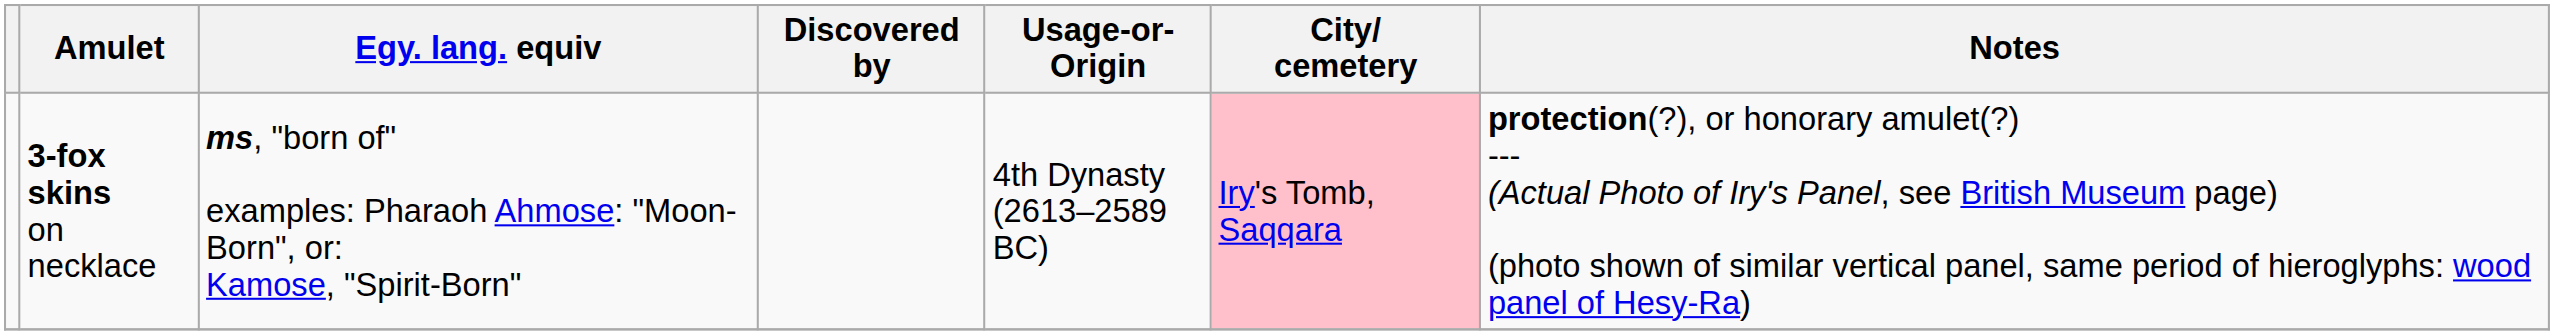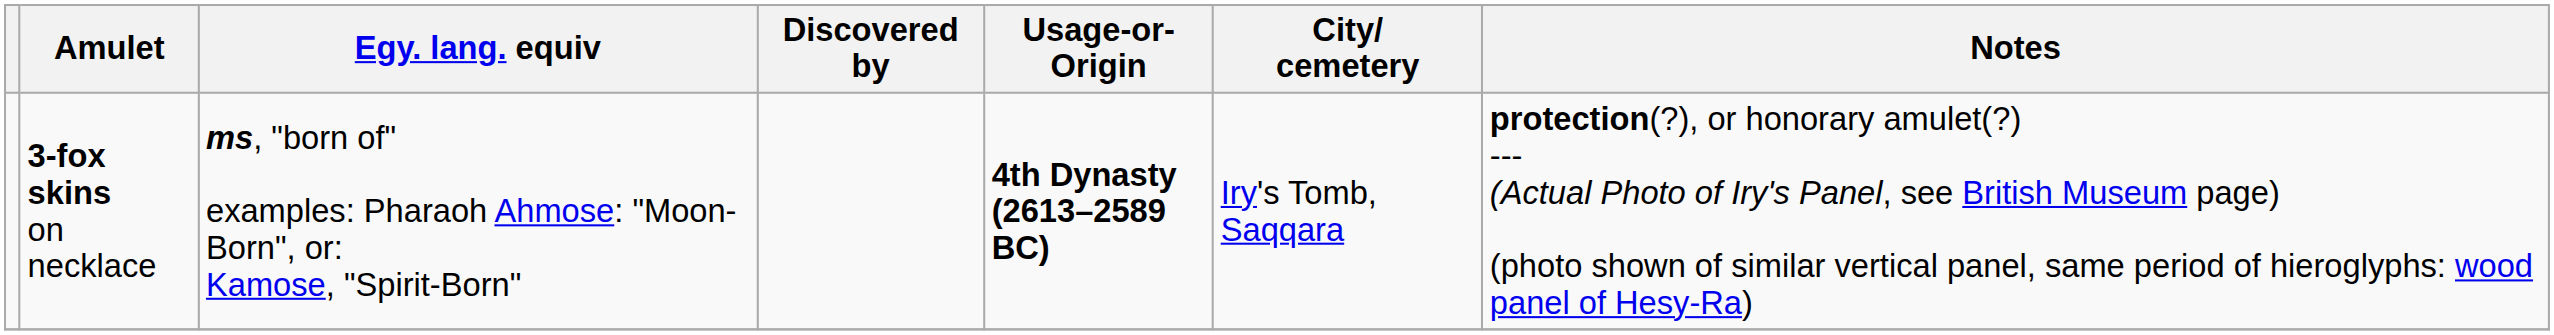 <table class="wikitable sortable">
 <tr style="background:#efefef;">
 <th></th>
 <th><strong>Amulet</strong></th>
 <th><a href='#'>Egy. lang.</a> equiv</th>
 <th>Discovered by</th>
 <th>Usage-or-<br>Origin</th>
 <th>City/<br>cemetery</th>
 <th>Notes</th>
 </tr>
 <tr>
 <td></td>
 <td><strong>3-fox skins</strong><br>on necklace</td>
 <td><strong><em>ms</em></strong>, "born of"<br><br>examples: Pharaoh <a href='#'>Ahmose</a>: "Moon-Born", or: <br><a href='#'>Kamose</a>, "Spirit-Born"</td>
 <td></td>
-<td>4th Dynasty<br>(2613–2589 BC)</td>
-<td style="background: pink;"><a href='#'>Iry</a>'s Tomb, <a href='#'>Saqqara</a></td>
+<td><strong>4th Dynasty<br>(2613–2589 BC)</strong></td>
+<td><a href='#'>Iry</a>'s Tomb, <a href='#'>Saqqara</a></td>
 <td><strong>protection</strong>(?), or honorary amulet(?)<br> --- <br><em>(Actual Photo of Iry's Panel</em>, see <a href='#'>British Museum</a> page)<br> <br>(photo shown of similar vertical panel, same period of hieroglyphs: <a href='#'>wood panel of Hesy-Ra</a>)</td>
 </tr>
 <tr>
 </tr>
 </table>
